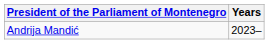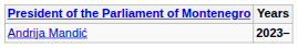 <table class=wikitable>
 <tr>
 <th><a href='#'>President of the Parliament of Montenegro</a></th>
 <th>Years</th>
 </tr>
 <tr>
 <td><a href='#'>Andrija Mandić</a></td>
-<td>2023–</td>
+<td><strong>2023–</strong></td>
 </tr>
 </table>
